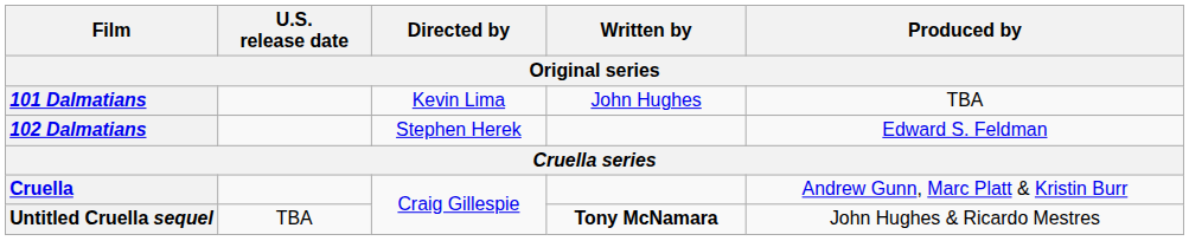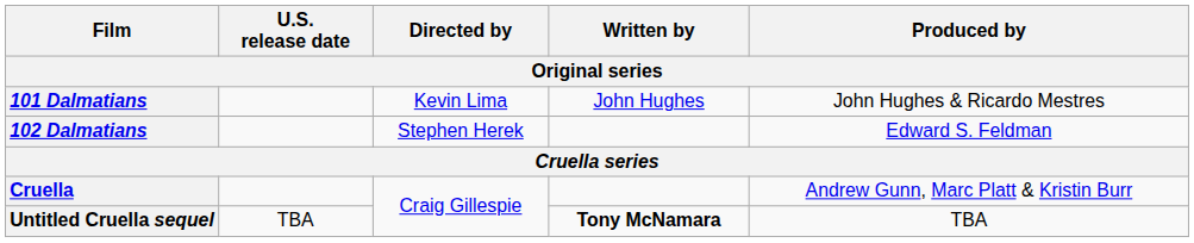 <table class="wikitable" style="text-align:center; width=99%">
 <tr>
 <th scope="col" style="width:18%;">Film</th>
 <th scope="col">U.S.<br>release date</th>
 <th scope="col">Directed by</th>
 <th scope="col">Written by</th>
 <th scope="col">Produced by</th>
 </tr>
 <tr>
 <th colspan="6"><strong>Original series</strong></th>
 </tr>
 <tr>
 <th scope="row" style="text-align:left"><em><a href='#'>101 Dalmatians</a></em></th>
 <td style="text-align:center"></td>
 <td><a href='#'>Kevin Lima</a></td>
 <td><a href='#'>John Hughes</a></td>
-<td>TBA</td>
+<td>John Hughes & Ricardo Mestres</td>
 </tr>
 <tr>
 <th scope="row" style="text-align:left"><em><a href='#'>102 Dalmatians</a></em></th>
 <td style="text-align:center"></td>
 <td><a href='#'>Stephen Herek</a></td>
 <td></td>
 <td><a href='#'>Edward S. Feldman</a></td>
 </tr>
 <tr>
 <th colspan="6"><strong><em>Cruella<em> series<strong></th>
 </tr>
 <tr>
 <th scope="row" style="text-align:left"></em><a href='#'>Cruella</a><em></th>
 <td style="text-align:center"></td>
 <td rowspan="2"><a href='#'>Craig Gillespie</a></td>
 <td></td>
 <td><a href='#'>Andrew Gunn</a>, <a href='#'>Marc Platt</a> & <a href='#'>Kristin Burr</a></td>
 </tr>
 <tr>
 <th scope="row" style="text-align:left">Untitled </em>Cruella<em> sequel</th>
 <td>TBA</td>
 <td><strong>Tony McNamara</strong></td>
-<td>John Hughes & Ricardo Mestres</td>
+<td>TBA</td>
 </tr>
 </table>
